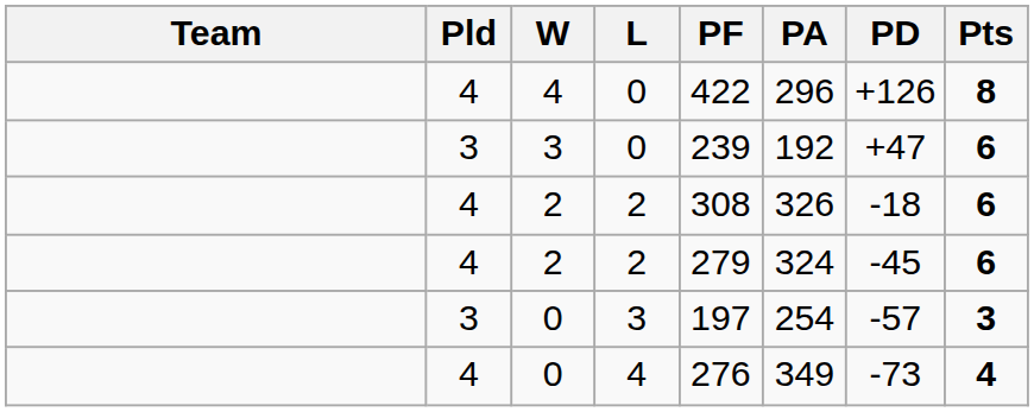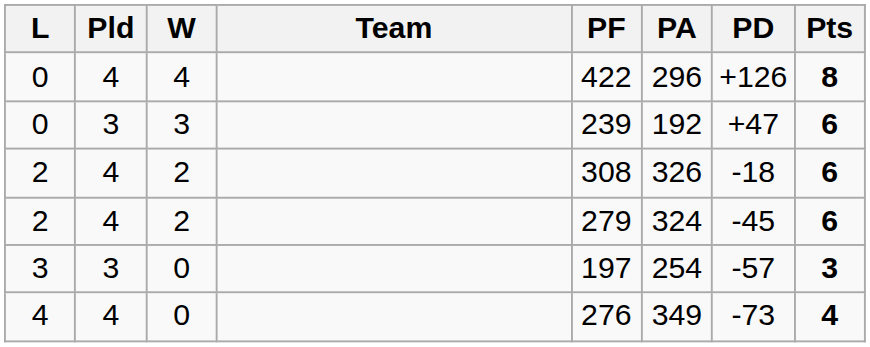 <table class=wikitable style="text-align:center">
 <tr>
-<th width=180>Team</th>
+<th width=30>L</th>
 <th width=30>Pld</th>
 <th width=30>W</th>
-<th width=30>L</th>
+<th width=180>Team</th>
 <th width=30>PF</th>
 <th width=30>PA</th>
 <th width=30>PD</th>
 <th width=30>Pts</th>
 </tr>
 <tr>
-<td align="left"></td>
+<td>0</td>
 <td>4</td>
 <td>4</td>
-<td>0</td>
+<td align="left"></td>
 <td>422</td>
 <td>296</td>
 <td>+126</td>
 <td><strong>8</strong></td>
 </tr>
 <tr>
-<td align="left"></td>
+<td>0</td>
 <td>3</td>
 <td>3</td>
-<td>0</td>
+<td align="left"></td>
 <td>239</td>
 <td>192</td>
 <td>+47</td>
 <td><strong>6</strong></td>
 </tr>
 <tr>
-<td align="left"></td>
+<td>2</td>
 <td>4</td>
 <td>2</td>
-<td>2</td>
+<td align="left"></td>
 <td>308</td>
 <td>326</td>
 <td>-18</td>
 <td><strong>6</strong></td>
 </tr>
 <tr>
-<td align="left"></td>
+<td>2</td>
 <td>4</td>
 <td>2</td>
-<td>2</td>
+<td align="left"></td>
 <td>279</td>
 <td>324</td>
 <td>-45</td>
 <td><strong>6</strong></td>
 </tr>
 <tr>
-<td align="left"></td>
+<td>3</td>
 <td>3</td>
 <td>0</td>
-<td>3</td>
+<td align="left"></td>
 <td>197</td>
 <td>254</td>
 <td>-57</td>
 <td><strong>3</strong></td>
 </tr>
 <tr>
-<td align="left"></td>
+<td>4</td>
 <td>4</td>
 <td>0</td>
-<td>4</td>
+<td align="left"></td>
 <td>276</td>
 <td>349</td>
 <td>-73</td>
 <td><strong>4</strong></td>
 </tr>
 </table>
